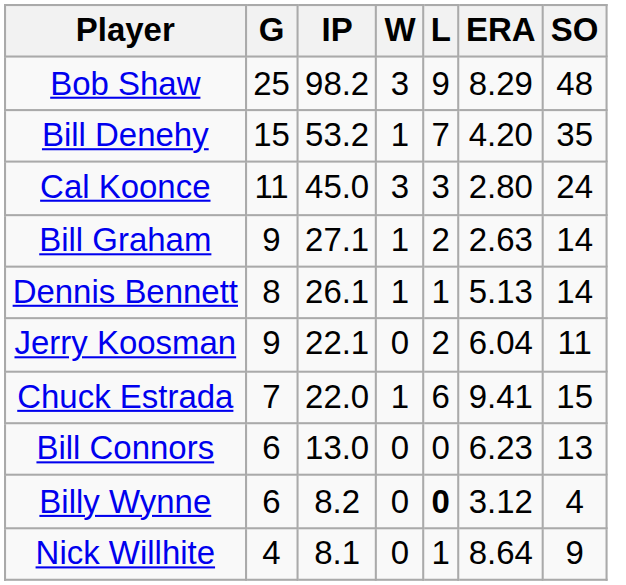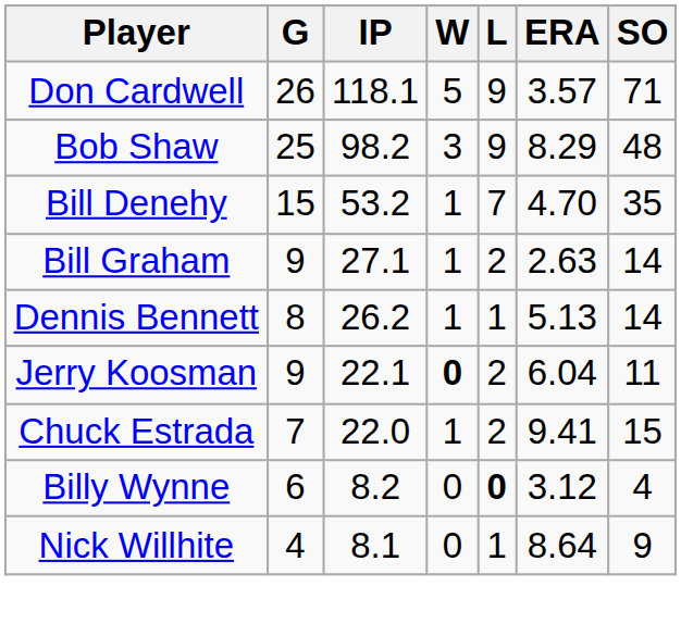 <table class="wikitable sortable">
 <tr>
 <th>Player</th>
 <th>G</th>
 <th>IP</th>
 <th>W</th>
 <th>L</th>
 <th>ERA</th>
 <th>SO</th>
+</tr>
+<tr align="center">
+<td><a href='#'>Don Cardwell</a></td>
+<td>26</td>
+<td>118.1</td>
+<td>5</td>
+<td>9</td>
+<td>3.57</td>
+<td>71</td>
 </tr>
 <tr align=center>
 <td><a href='#'>Bob Shaw</a></td>
 <td>25</td>
 <td>98.2</td>
 <td>3</td>
 <td>9</td>
 <td>8.29</td>
 <td>48</td>
 </tr>
 <tr align=center>
 <td><a href='#'>Bill Denehy</a></td>
 <td>15</td>
 <td>53.2</td>
 <td>1</td>
 <td>7</td>
-<td>4.20</td>
+<td>4.70</td>
 <td>35</td>
-</tr>
-<tr align=center>
-<td><a href='#'>Cal Koonce</a></td>
-<td>11</td>
-<td>45.0</td>
-<td>3</td>
-<td>3</td>
-<td>2.80</td>
-<td>24</td>
 </tr>
 <tr align=center>
 <td><a href='#'>Bill Graham</a></td>
 <td>9</td>
 <td>27.1</td>
 <td>1</td>
 <td>2</td>
 <td>2.63</td>
 <td>14</td>
 </tr>
 <tr align=center>
 <td><a href='#'>Dennis Bennett</a></td>
 <td>8</td>
-<td>26.1</td>
+<td>26.2</td>
 <td>1</td>
 <td>1</td>
 <td>5.13</td>
 <td>14</td>
 </tr>
 <tr align=center>
 <td><a href='#'>Jerry Koosman</a></td>
 <td>9</td>
 <td>22.1</td>
-<td>0</td>
+<td><strong>0</strong></td>
 <td>2</td>
 <td>6.04</td>
 <td>11</td>
 </tr>
 <tr align=center>
 <td><a href='#'>Chuck Estrada</a></td>
 <td>7</td>
 <td>22.0</td>
 <td>1</td>
-<td>6</td>
+<td>2</td>
 <td>9.41</td>
 <td>15</td>
-</tr>
-<tr align=center>
-<td><a href='#'>Bill Connors</a></td>
-<td>6</td>
-<td>13.0</td>
-<td>0</td>
-<td>0</td>
-<td>6.23</td>
-<td>13</td>
 </tr>
 <tr align=center>
 <td><a href='#'>Billy Wynne</a></td>
 <td>6</td>
 <td>8.2</td>
 <td>0</td>
 <td><strong>0</strong></td>
 <td>3.12</td>
 <td>4</td>
 </tr>
 <tr align=center>
 <td><a href='#'>Nick Willhite</a></td>
 <td>4</td>
 <td>8.1</td>
 <td>0</td>
 <td>1</td>
 <td>8.64</td>
 <td>9</td>
 </tr>
 </table>
